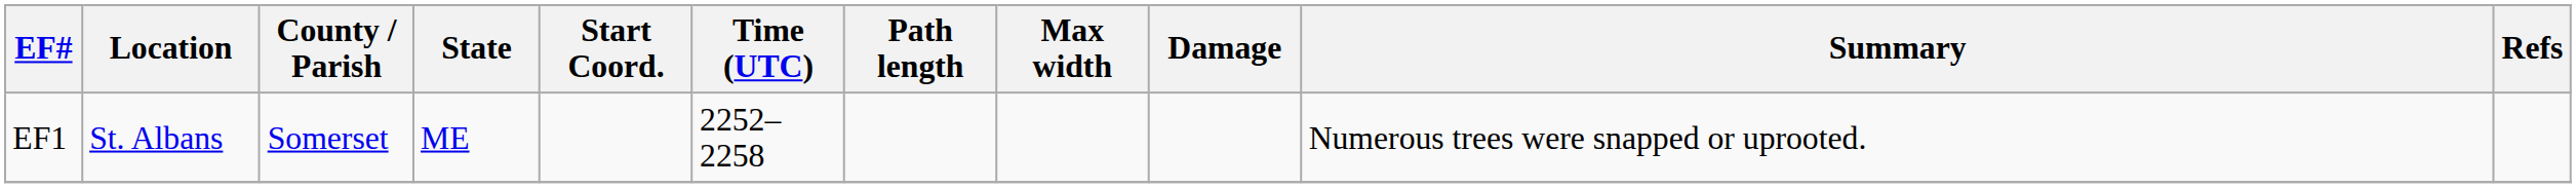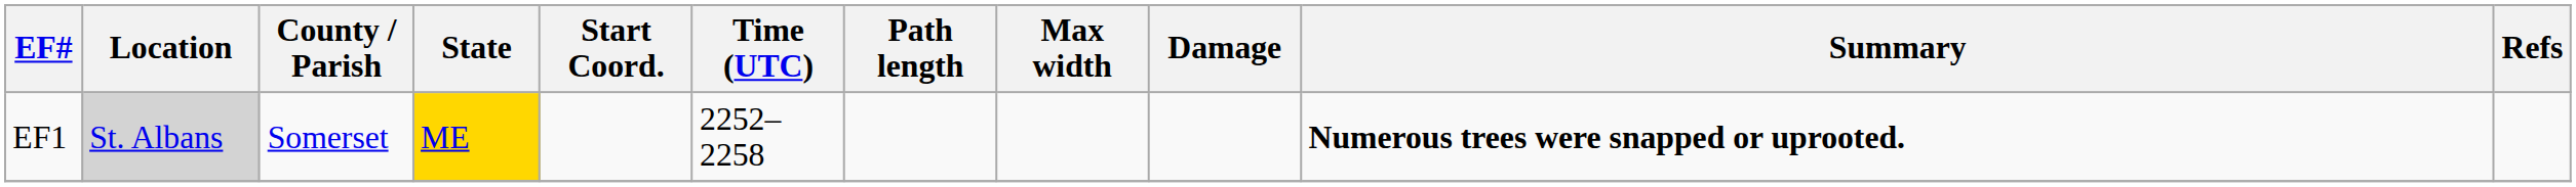 <table class="wikitable sortable" style="width:100%;">
 <tr>
 <th scope="col" width="3%" align="center"><a href='#'>EF#</a></th>
 <th scope="col" width="7%" align="center" class="unsortable">Location</th>
 <th scope="col" width="6%" align="center" class="unsortable">County / Parish</th>
 <th scope="col" width="5%" align="center">State</th>
 <th scope="col" width="6%" align="center">Start Coord.</th>
 <th scope="col" width="6%" align="center">Time (<a href='#'>UTC</a>)</th>
 <th scope="col" width="6%" align="center">Path length</th>
 <th scope="col" width="6%" align="center">Max width</th>
 <th scope="col" width="6%" align="center">Damage</th>
 <th scope="col" width="48%" class="unsortable" align="center">Summary</th>
 <th scope="col" width="48%" class="unsortable" align="center">Refs</th>
 </tr>
 <tr>
 <td>EF1</td>
-<td><a href='#'>St. Albans</a></td>
+<td style="background: lightgrey;"><a href='#'>St. Albans</a></td>
 <td><a href='#'>Somerset</a></td>
-<td><a href='#'>ME</a></td>
+<td style="background: gold;"><a href='#'>ME</a></td>
 <td></td>
 <td>2252–2258</td>
 <td></td>
 <td></td>
 <td></td>
-<td>Numerous trees were snapped or uprooted.</td>
+<td><strong>Numerous trees were snapped or uprooted.</strong></td>
 <td></td>
 </tr>
 <tr>
 </tr>
 </table>
